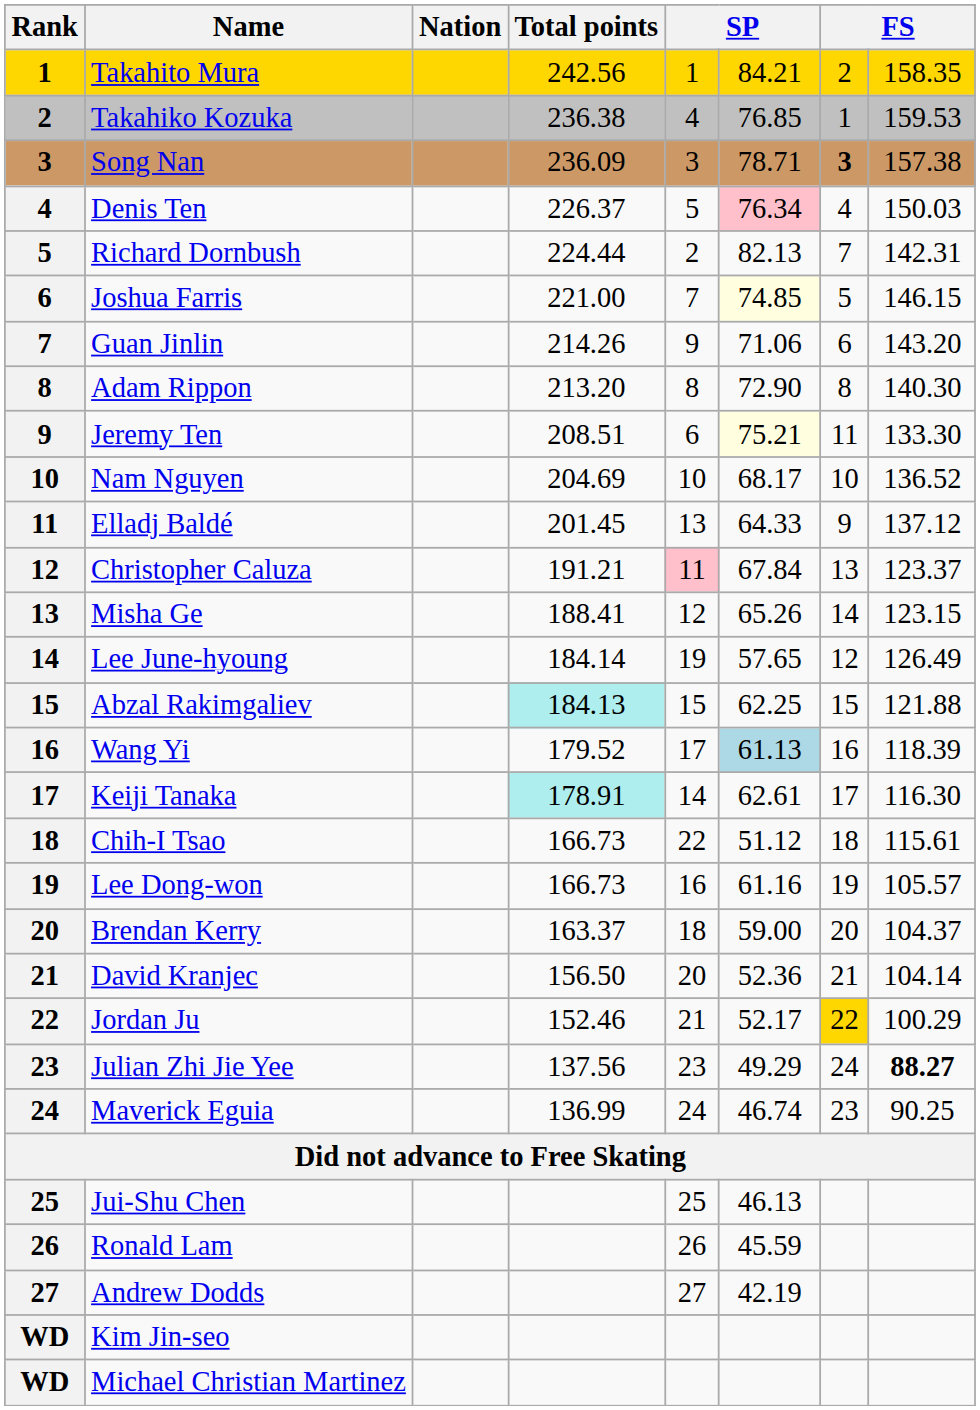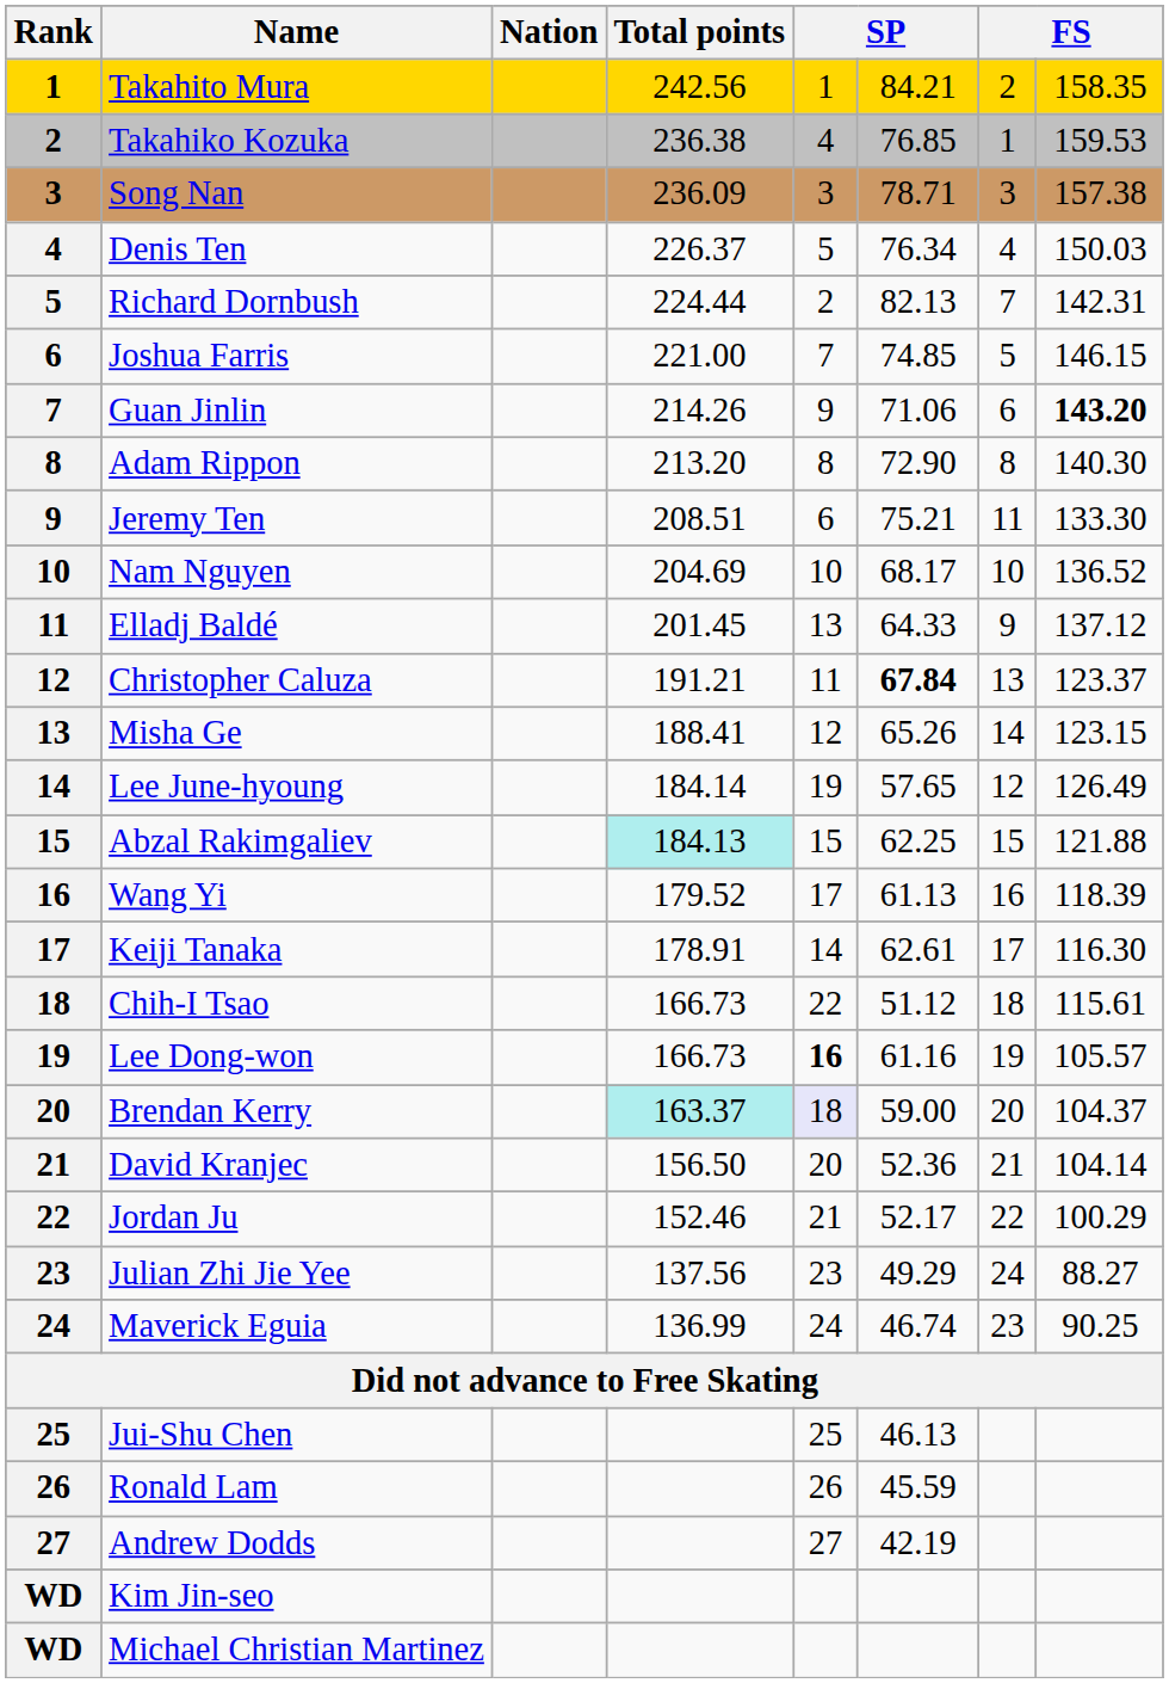 <table class="wikitable sortable">
 <tr>
 <th>Rank</th>
 <th>Name</th>
 <th>Nation</th>
 <th>Total points</th>
 <th colspan="2" width="80px"><a href='#'>SP</a></th>
 <th colspan="2" width="80px"><a href='#'>FS</a></th>
 </tr>
 <tr bgcolor="gold">
 <td align="center"><strong>1</strong></td>
 <td><a href='#'>Takahito Mura</a></td>
 <td></td>
 <td align="center">242.56</td>
 <td align="center">1</td>
 <td align="center">84.21</td>
 <td align="center">2</td>
 <td align="center">158.35</td>
 </tr>
 <tr bgcolor="silver">
 <td align="center"><strong>2</strong></td>
 <td><a href='#'>Takahiko Kozuka</a></td>
 <td></td>
 <td align="center">236.38</td>
 <td align="center">4</td>
 <td align="center">76.85</td>
 <td align="center">1</td>
 <td align="center">159.53</td>
 </tr>
 <tr bgcolor="cc9966">
 <td align="center"><strong>3</strong></td>
 <td><a href='#'>Song Nan</a></td>
 <td></td>
 <td align="center">236.09</td>
 <td align="center">3</td>
 <td align="center">78.71</td>
-<td align="center"><strong>3</strong></td>
+<td align="center">3</td>
 <td align="center">157.38</td>
 </tr>
 <tr>
 <th>4</th>
 <td><a href='#'>Denis Ten</a></td>
 <td></td>
 <td align="center">226.37</td>
 <td align="center">5</td>
-<td align="center" style="background: pink;">76.34</td>
+<td align="center">76.34</td>
 <td align="center">4</td>
 <td align="center">150.03</td>
 </tr>
 <tr>
 <th>5</th>
 <td><a href='#'>Richard Dornbush</a></td>
 <td></td>
 <td align="center">224.44</td>
 <td align="center">2</td>
 <td align="center">82.13</td>
 <td align="center">7</td>
 <td align="center">142.31</td>
 </tr>
 <tr>
 <th>6</th>
 <td><a href='#'>Joshua Farris</a></td>
 <td></td>
 <td align="center">221.00</td>
 <td align="center">7</td>
-<td align="center" style="background: lightyellow;">74.85</td>
+<td align="center">74.85</td>
 <td align="center">5</td>
 <td align="center">146.15</td>
 </tr>
 <tr>
 <th>7</th>
 <td><a href='#'>Guan Jinlin</a></td>
 <td></td>
 <td align="center">214.26</td>
 <td align="center">9</td>
 <td align="center">71.06</td>
 <td align="center">6</td>
-<td align="center">143.20</td>
+<td align="center"><strong>143.20</strong></td>
 </tr>
 <tr>
 <th>8</th>
 <td><a href='#'>Adam Rippon</a></td>
 <td></td>
 <td align="center">213.20</td>
 <td align="center">8</td>
 <td align="center">72.90</td>
 <td align="center">8</td>
 <td align="center">140.30</td>
 </tr>
 <tr>
 <th>9</th>
 <td><a href='#'>Jeremy Ten</a></td>
 <td></td>
 <td align="center">208.51</td>
 <td align="center">6</td>
-<td align="center" style="background: lightyellow;">75.21</td>
+<td align="center">75.21</td>
 <td align="center">11</td>
 <td align="center">133.30</td>
 </tr>
 <tr>
 <th>10</th>
 <td><a href='#'>Nam Nguyen</a></td>
 <td></td>
 <td align="center">204.69</td>
 <td align="center">10</td>
 <td align="center">68.17</td>
 <td align="center">10</td>
 <td align="center">136.52</td>
 </tr>
 <tr>
 <th>11</th>
 <td><a href='#'>Elladj Baldé</a></td>
 <td></td>
 <td align="center">201.45</td>
 <td align="center">13</td>
 <td align="center">64.33</td>
 <td align="center">9</td>
 <td align="center">137.12</td>
 </tr>
 <tr>
 <th>12</th>
 <td><a href='#'>Christopher Caluza</a></td>
 <td></td>
 <td align="center">191.21</td>
-<td align="center" style="background: pink;">11</td>
-<td align="center">67.84</td>
+<td align="center">11</td>
+<td align="center"><strong>67.84</strong></td>
 <td align="center">13</td>
 <td align="center">123.37</td>
 </tr>
 <tr>
 <th>13</th>
 <td><a href='#'>Misha Ge</a></td>
 <td></td>
 <td align="center">188.41</td>
 <td align="center">12</td>
 <td align="center">65.26</td>
 <td align="center">14</td>
 <td align="center">123.15</td>
 </tr>
 <tr>
 <th>14</th>
 <td><a href='#'>Lee June-hyoung</a></td>
 <td></td>
 <td align="center">184.14</td>
 <td align="center">19</td>
 <td align="center">57.65</td>
 <td align="center">12</td>
 <td align="center">126.49</td>
 </tr>
 <tr>
 <th>15</th>
 <td><a href='#'>Abzal Rakimgaliev</a></td>
 <td></td>
 <td align="center" style="background: paleturquoise;">184.13</td>
 <td align="center">15</td>
 <td align="center">62.25</td>
 <td align="center">15</td>
 <td align="center">121.88</td>
 </tr>
 <tr>
 <th>16</th>
 <td><a href='#'>Wang Yi</a></td>
 <td></td>
 <td align="center">179.52</td>
 <td align="center">17</td>
-<td align="center" style="background: lightblue;">61.13</td>
+<td align="center">61.13</td>
 <td align="center">16</td>
 <td align="center">118.39</td>
 </tr>
 <tr>
 <th>17</th>
 <td><a href='#'>Keiji Tanaka</a></td>
 <td></td>
-<td align="center" style="background: paleturquoise;">178.91</td>
+<td align="center">178.91</td>
 <td align="center">14</td>
 <td align="center">62.61</td>
 <td align="center">17</td>
 <td align="center">116.30</td>
 </tr>
 <tr>
 <th>18</th>
 <td><a href='#'>Chih-I Tsao</a></td>
 <td></td>
 <td align="center">166.73</td>
 <td align="center">22</td>
 <td align="center">51.12</td>
 <td align="center">18</td>
 <td align="center">115.61</td>
 </tr>
 <tr>
 <th>19</th>
 <td><a href='#'>Lee Dong-won</a></td>
 <td></td>
 <td align="center">166.73</td>
-<td align="center">16</td>
+<td align="center"><strong>16</strong></td>
 <td align="center">61.16</td>
 <td align="center">19</td>
 <td align="center">105.57</td>
 </tr>
 <tr>
 <th>20</th>
 <td><a href='#'>Brendan Kerry</a></td>
 <td></td>
-<td align="center">163.37</td>
-<td align="center">18</td>
+<td align="center" style="background: paleturquoise;">163.37</td>
+<td align="center" style="background: lavender;">18</td>
 <td align="center">59.00</td>
 <td align="center">20</td>
 <td align="center">104.37</td>
 </tr>
 <tr>
 <th>21</th>
 <td><a href='#'>David Kranjec</a></td>
 <td></td>
 <td align="center">156.50</td>
 <td align="center">20</td>
 <td align="center">52.36</td>
 <td align="center">21</td>
 <td align="center">104.14</td>
 </tr>
 <tr>
 <th>22</th>
 <td><a href='#'>Jordan Ju</a></td>
 <td></td>
 <td align="center">152.46</td>
 <td align="center">21</td>
 <td align="center">52.17</td>
-<td align="center" style="background: gold;">22</td>
+<td align="center">22</td>
 <td align="center">100.29</td>
 </tr>
 <tr>
 <th>23</th>
 <td><a href='#'>Julian Zhi Jie Yee</a></td>
 <td></td>
 <td align="center">137.56</td>
 <td align="center">23</td>
 <td align="center">49.29</td>
 <td align="center">24</td>
-<td align="center"><strong>88.27</strong></td>
+<td align="center">88.27</td>
 </tr>
 <tr>
 <th>24</th>
 <td><a href='#'>Maverick Eguia</a></td>
 <td></td>
 <td align="center">136.99</td>
 <td align="center">24</td>
 <td align="center">46.74</td>
 <td align="center">23</td>
 <td align="center">90.25</td>
 </tr>
 <tr>
 <th colspan="8">Did not advance to Free Skating</th>
 </tr>
 <tr>
 <th>25</th>
 <td><a href='#'>Jui-Shu Chen</a></td>
 <td></td>
 <td align="center"></td>
 <td align="center">25</td>
 <td align="center">46.13</td>
 <td align="center"></td>
 <td align="center"></td>
 </tr>
 <tr>
 <th>26</th>
 <td><a href='#'>Ronald Lam</a></td>
 <td></td>
 <td align="center"></td>
 <td align="center">26</td>
 <td align="center">45.59</td>
 <td align="center"></td>
 <td align="center"></td>
 </tr>
 <tr>
 <th>27</th>
 <td><a href='#'>Andrew Dodds</a></td>
 <td></td>
 <td align="center"></td>
 <td align="center">27</td>
 <td align="center">42.19</td>
 <td align="center"></td>
 <td align="center"></td>
 </tr>
 <tr>
 <th>WD</th>
 <td><a href='#'>Kim Jin-seo</a></td>
 <td></td>
 <td align="center"></td>
 <td align="center"></td>
 <td align="center"></td>
 <td align="center"></td>
 <td align="center"></td>
 </tr>
 <tr>
 <th>WD</th>
 <td><a href='#'>Michael Christian Martinez</a></td>
 <td></td>
 <td align="center"></td>
 <td align="center"></td>
 <td align="center"></td>
 <td align="center"></td>
 <td align="center"></td>
 </tr>
 </table>
